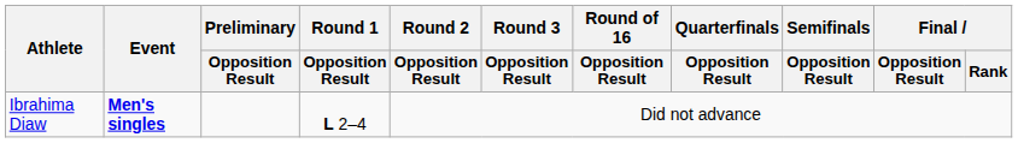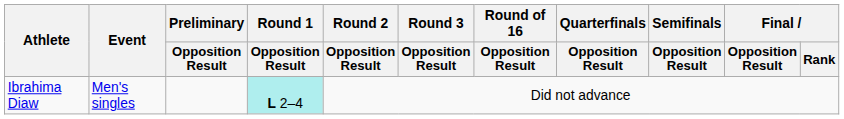 <table class="wikitable" style="font-size:90%;">
 <tr>
 <th rowspan=2>Athlete</th>
 <th rowspan=2>Event</th>
 <th>Preliminary</th>
 <th>Round 1</th>
 <th>Round 2</th>
 <th>Round 3</th>
 <th>Round of 16</th>
 <th>Quarterfinals</th>
 <th>Semifinals</th>
 <th colspan=2>Final / </th>
 </tr>
 <tr style="font-size:95%">
 <th>Opposition<br>Result</th>
 <th>Opposition<br>Result</th>
 <th>Opposition<br>Result</th>
 <th>Opposition<br>Result</th>
 <th>Opposition<br>Result</th>
 <th>Opposition<br>Result</th>
 <th>Opposition<br>Result</th>
 <th>Opposition<br>Result</th>
 <th>Rank</th>
 </tr>
 <tr align=center>
 <td align=left><a href='#'>Ibrahima Diaw</a></td>
-<td align=left><strong><a href='#'>Men's singles</a></strong></td>
+<td align=left><a href='#'>Men's singles</a></td>
 <td></td>
-<td><br><strong>L</strong> 2–4</td>
+<td style="background: paleturquoise;"><br><strong>L</strong> 2–4</td>
 <td colspan=7>Did not advance</td>
 </tr>
 </table>
